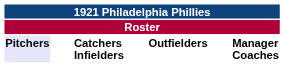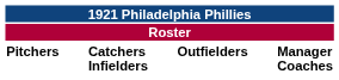 <table class="toccolours" style="font-size: 95%;">
 <tr>
 <th colspan="10" style="background-color: #0f437c; color: white; text-align: center;">1921 Philadelphia Phillies</th>
 </tr>
 <tr>
 <td colspan="10" style="background-color: #af0039; color: white; text-align: center;"><strong>Roster</strong></td>
 </tr>
 <tr>
-<td valign="top" style="background: lavender;"><strong>Pitchers</strong><br>            </td>
+<td valign="top"><strong>Pitchers</strong><br>            </td>
 <td width="25px"></td>
 <td valign="top"><strong>Catchers</strong><br>    <strong>Infielders</strong>            </td>
 <td width="25px"></td>
 <td valign="top"><strong>Outfielders</strong><br>      </td>
 <td width="25px"></td>
 <td valign="top"><strong>Manager</strong><br>  <strong>Coaches</strong> </td>
 </tr>
 </table>
